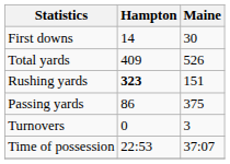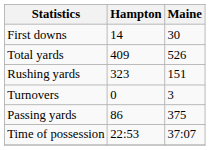 <table class="wikitable">
 <tr>
 <th>Statistics</th>
 <th>Hampton</th>
 <th>Maine</th>
 </tr>
 <tr>
 <td>First downs</td>
 <td>14</td>
 <td>30</td>
 </tr>
 <tr>
 <td>Total yards</td>
 <td>409</td>
 <td>526</td>
 </tr>
 <tr>
 <td>Rushing yards</td>
-<td><strong>323</strong></td>
+<td>323</td>
 <td>151</td>
+</tr>
+<tr>
+<td>Turnovers</td>
+<td>0</td>
+<td>3</td>
 </tr>
 <tr>
 <td>Passing yards</td>
 <td>86</td>
 <td>375</td>
-</tr>
-<tr>
-<td>Turnovers</td>
-<td>0</td>
-<td>3</td>
 </tr>
 <tr>
 <td>Time of possession</td>
 <td>22:53</td>
 <td>37:07</td>
 </tr>
 <tr>
 </tr>
 </table>
